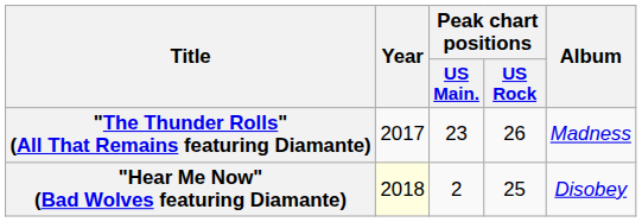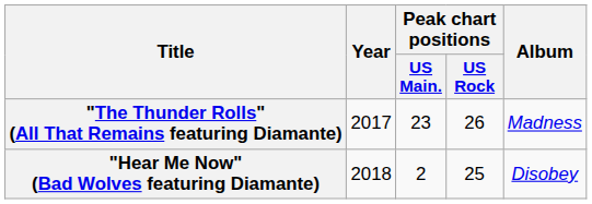 <table class="wikitable plainrowheaders" style="text-align:center;">
 <tr>
 <th scope="col" rowspan="2">Title</th>
 <th scope="col" rowspan="2">Year</th>
 <th scope="col" colspan="2">Peak chart positions</th>
 <th scope="col" rowspan="2">Album</th>
 </tr>
 <tr>
 <th scope="col" style="width:2.5em;font-size:90%;"><a href='#'>US<br>Main.</a><br></th>
 <th scope="col" style="width:3em;font-size:90%;"><a href='#'>US<br>Rock</a><br></th>
 </tr>
 <tr>
 <th scope="row">"<a href='#'>The Thunder Rolls</a>"<br><span>(<a href='#'>All That Remains</a> featuring Diamante)</span></th>
 <td>2017</td>
 <td>23</td>
 <td>26</td>
 <td><em><a href='#'>Madness</a></em></td>
 </tr>
 <tr>
 <th scope="row">"Hear Me Now"<br><span>(<a href='#'>Bad Wolves</a> featuring Diamante)</span></th>
-<td style="background: lightyellow;">2018</td>
+<td>2018</td>
 <td>2</td>
 <td>25</td>
 <td><em><a href='#'>Disobey</a></em></td>
 </tr>
 </table>
